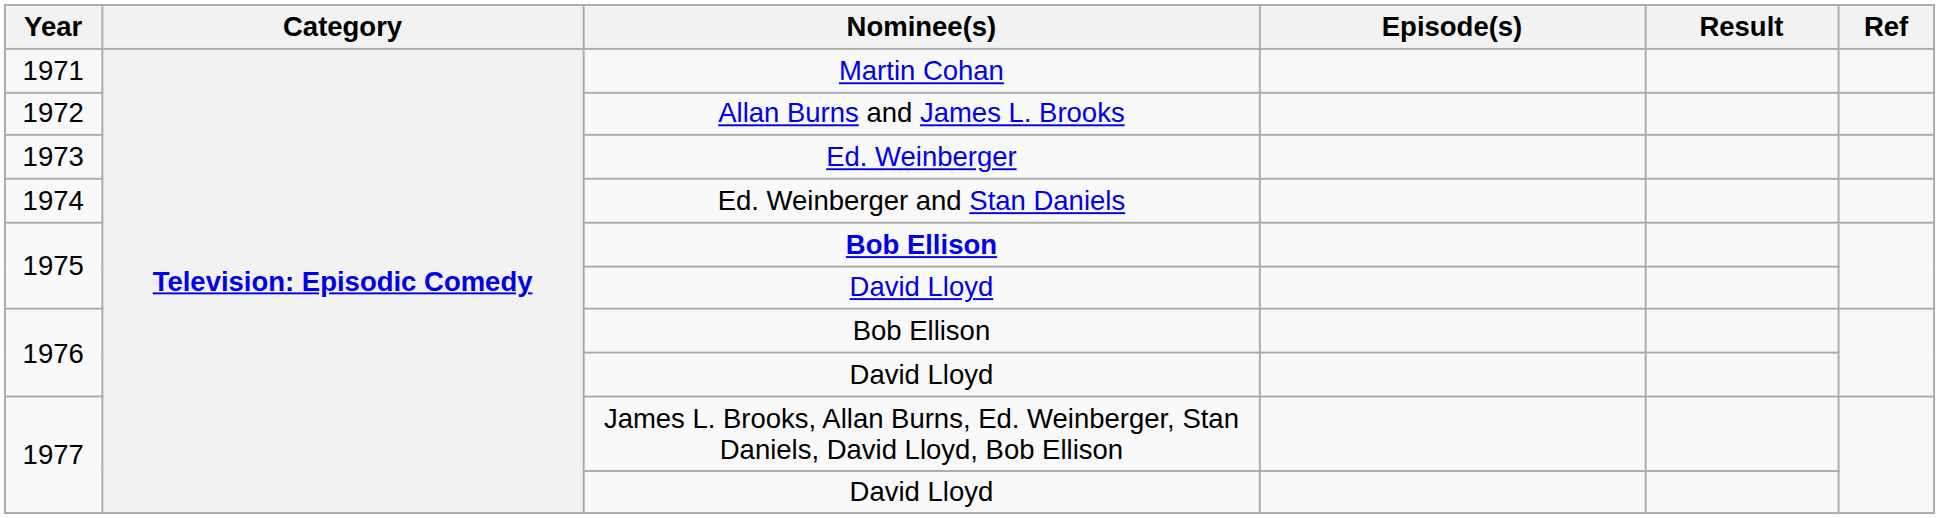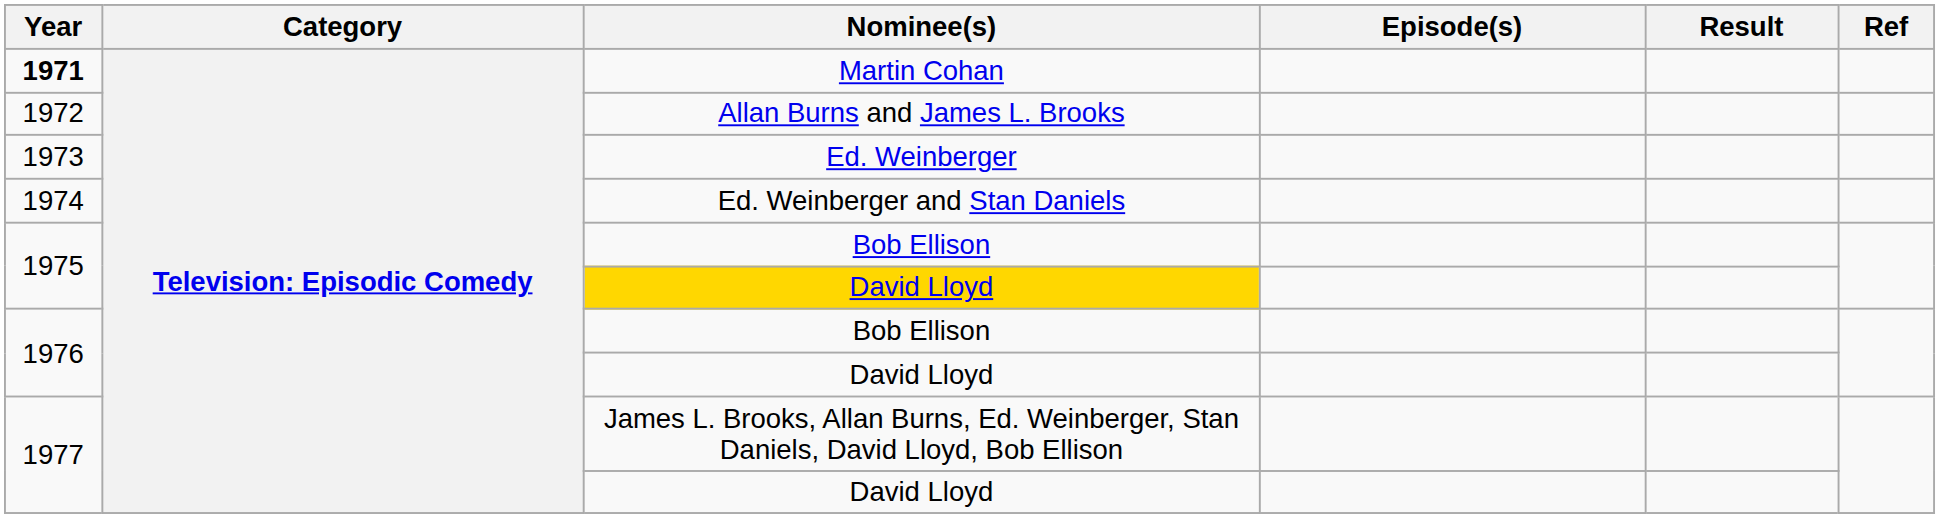 <table class="wikitable plainrowheaders" style="font-size: 90%; text-align:center" width=80%>
 <tr>
 <th scope="col" width="5%">Year</th>
 <th scope="col" width="25%">Category</th>
 <th scope="col" width="35%">Nominee(s)</th>
 <th scope="col" width="20%">Episode(s)</th>
 <th scope="col" width="10%">Result</th>
 <th scope="col" width="5%">Ref</th>
 </tr>
 <tr>
-<td>1971</td>
+<td><strong>1971</strong></td>
 <th scope="row" style="text-align:center" rowspan="10"><a href='#'>Television: Episodic Comedy</a></th>
 <td><a href='#'>Martin Cohan</a></td>
 <td></td>
 <td></td>
 <td></td>
 </tr>
 <tr>
 <td>1972</td>
 <td><a href='#'>Allan Burns</a> and <a href='#'>James L. Brooks</a></td>
 <td></td>
 <td></td>
 <td></td>
 </tr>
 <tr>
 <td>1973</td>
 <td><a href='#'>Ed. Weinberger</a></td>
 <td></td>
 <td></td>
 <td></td>
 </tr>
 <tr>
 <td>1974</td>
 <td>Ed. Weinberger and <a href='#'>Stan Daniels</a></td>
 <td></td>
 <td></td>
 <td></td>
 </tr>
 <tr>
 <td rowspan="2">1975</td>
-<td><strong><a href='#'>Bob Ellison</a></strong></td>
+<td><a href='#'>Bob Ellison</a></td>
 <td></td>
 <td></td>
 <td rowspan="2"></td>
 </tr>
 <tr>
-<td><a href='#'>David Lloyd</a></td>
+<td style="background: gold;"><a href='#'>David Lloyd</a></td>
 <td></td>
 <td></td>
 </tr>
 <tr>
 <td rowspan="2">1976</td>
 <td>Bob Ellison</td>
 <td></td>
 <td></td>
 <td rowspan="2"></td>
 </tr>
 <tr>
 <td>David Lloyd</td>
 <td></td>
 <td></td>
 </tr>
 <tr>
 <td rowspan="2">1977</td>
 <td>James L. Brooks, Allan Burns, Ed. Weinberger, Stan Daniels, David Lloyd, Bob Ellison</td>
 <td></td>
 <td></td>
 <td rowspan="2"></td>
 </tr>
 <tr>
 <td>David Lloyd</td>
 <td></td>
 <td></td>
 </tr>
 </table>
